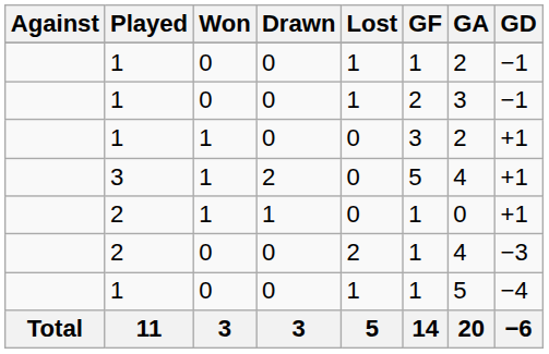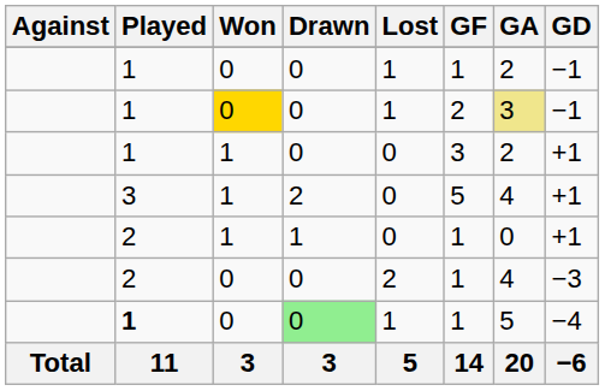 <table class="wikitable sortable">
 <tr>
 <th>Against</th>
 <th>Played</th>
 <th>Won</th>
 <th>Drawn</th>
 <th>Lost</th>
 <th>GF</th>
 <th>GA</th>
 <th>GD</th>
 </tr>
 <tr bgcolor="#d0ffd0" align="center">
 </tr>
 <tr>
 <td align="left"></td>
 <td>1</td>
 <td>0</td>
 <td>0</td>
 <td>1</td>
 <td>1</td>
 <td>2</td>
 <td>−1</td>
 </tr>
 <tr>
 <td align="left"></td>
 <td>1</td>
-<td>0</td>
+<td style="background: gold;">0</td>
 <td>0</td>
 <td>1</td>
 <td>2</td>
-<td>3</td>
+<td style="background: khaki;">3</td>
 <td>−1</td>
 </tr>
 <tr>
 <td align="left"></td>
 <td>1</td>
 <td>1</td>
 <td>0</td>
 <td>0</td>
 <td>3</td>
 <td>2</td>
 <td>+1</td>
 </tr>
 <tr>
 <td align="left"></td>
 <td>3</td>
 <td>1</td>
 <td>2</td>
 <td>0</td>
 <td>5</td>
 <td>4</td>
 <td>+1</td>
 </tr>
 <tr>
 <td align="left"></td>
 <td>2</td>
 <td>1</td>
 <td>1</td>
 <td>0</td>
 <td>1</td>
 <td>0</td>
 <td>+1</td>
 </tr>
 <tr>
 <td align="left"></td>
 <td>2</td>
 <td>0</td>
 <td>0</td>
 <td>2</td>
 <td>1</td>
 <td>4</td>
 <td>−3</td>
 </tr>
 <tr>
 <td align="left"></td>
-<td>1</td>
+<td><strong>1</strong></td>
 <td>0</td>
-<td>0</td>
+<td style="background: lightgreen;">0</td>
 <td>1</td>
 <td>1</td>
 <td>5</td>
 <td>−4</td>
 </tr>
 <tr class="sortbottom">
 <th>Total</th>
 <th>11</th>
 <th>3</th>
 <th>3</th>
 <th>5</th>
 <th>14</th>
 <th>20</th>
 <th>−6</th>
 </tr>
 </table>
